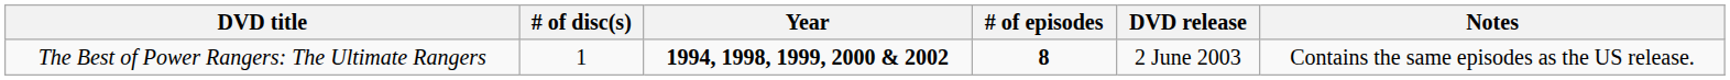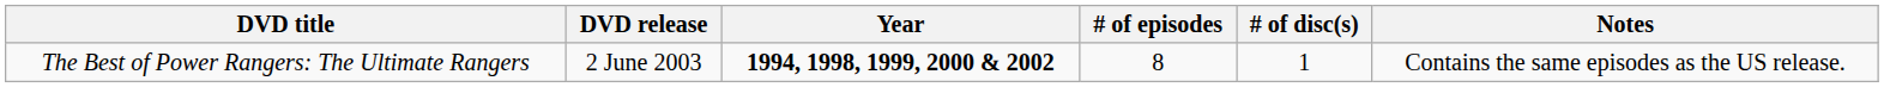 <table class="wikitable"  style="width:99%; left:0 auto; text-align:center;">
 <tr>
 <th>DVD title</th>
-<th># of disc(s)</th>
+<th>DVD release</th>
 <th>Year</th>
 <th># of episodes</th>
-<th>DVD release</th>
+<th># of disc(s)</th>
 <th>Notes</th>
 </tr>
 <tr>
 <td><em>The Best of Power Rangers: The Ultimate Rangers</em></td>
+<td>2 June 2003</td>
+<td><strong>1994, 1998, 1999, 2000 & 2002</strong></td>
+<td>8</td>
 <td>1</td>
-<td><strong>1994, 1998, 1999, 2000 & 2002</strong></td>
-<td><strong>8</strong></td>
-<td>2 June 2003</td>
 <td>Contains the same episodes as the US release.</td>
 </tr>
 </table>
